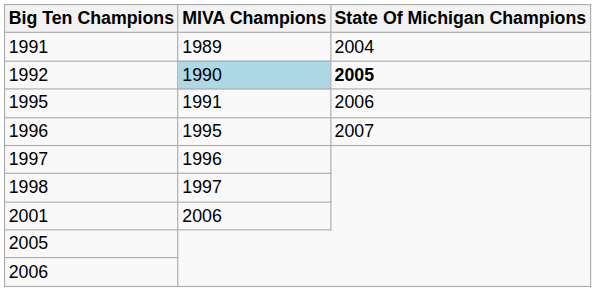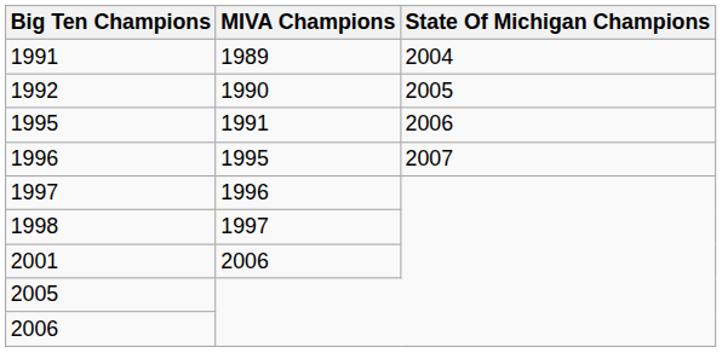 <table class="wikitable">
 <tr>
 <th>Big Ten Champions</th>
 <th>MIVA Champions</th>
 <th>State Of Michigan Champions</th>
 </tr>
 <tr>
 <td>1991</td>
 <td>1989</td>
 <td>2004</td>
 </tr>
 <tr>
 <td>1992</td>
-<td style="background: lightblue;">1990</td>
-<td><strong>2005</strong></td>
+<td>1990</td>
+<td>2005</td>
 </tr>
 <tr>
 <td>1995</td>
 <td>1991</td>
 <td>2006</td>
 </tr>
 <tr>
 <td>1996</td>
 <td>1995</td>
 <td>2007</td>
 </tr>
 <tr>
 <td>1997</td>
 <td>1996</td>
 </tr>
 <tr>
 <td>1998</td>
 <td>1997</td>
 </tr>
 <tr>
 <td>2001</td>
 <td>2006</td>
 </tr>
 <tr>
 <td>2005</td>
 </tr>
 <tr>
 <td>2006</td>
 </tr>
 </table>
